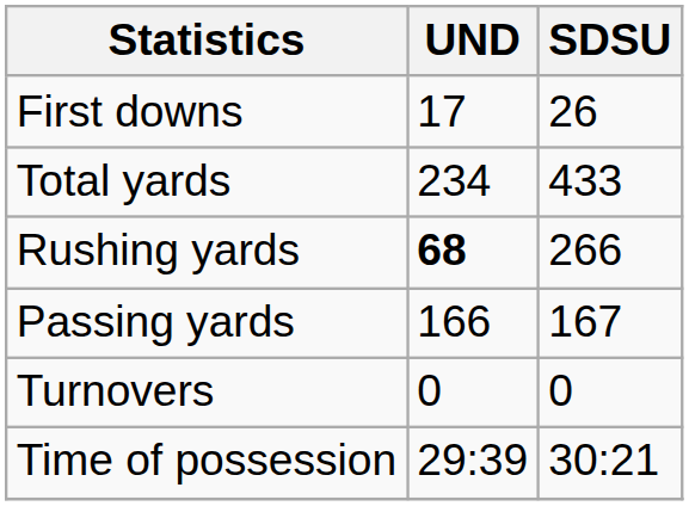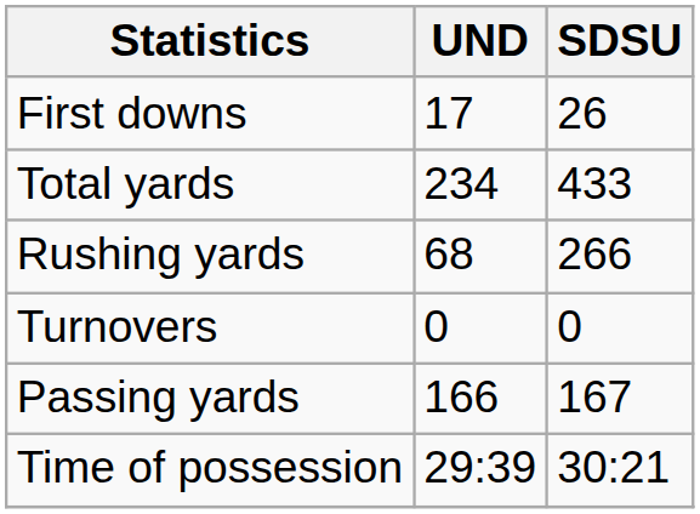 <table class="wikitable">
 <tr>
 <th>Statistics</th>
 <th>UND</th>
 <th>SDSU</th>
 </tr>
 <tr>
 <td>First downs</td>
 <td>17</td>
 <td>26</td>
 </tr>
 <tr>
 <td>Total yards</td>
 <td>234</td>
 <td>433</td>
 </tr>
 <tr>
 <td>Rushing yards</td>
-<td><strong>68</strong></td>
+<td>68</td>
 <td>266</td>
+</tr>
+<tr>
+<td>Turnovers</td>
+<td>0</td>
+<td>0</td>
 </tr>
 <tr>
 <td>Passing yards</td>
 <td>166</td>
 <td>167</td>
-</tr>
-<tr>
-<td>Turnovers</td>
-<td>0</td>
-<td>0</td>
 </tr>
 <tr>
 <td>Time of possession</td>
 <td>29:39</td>
 <td>30:21</td>
 </tr>
 <tr>
 </tr>
 </table>
